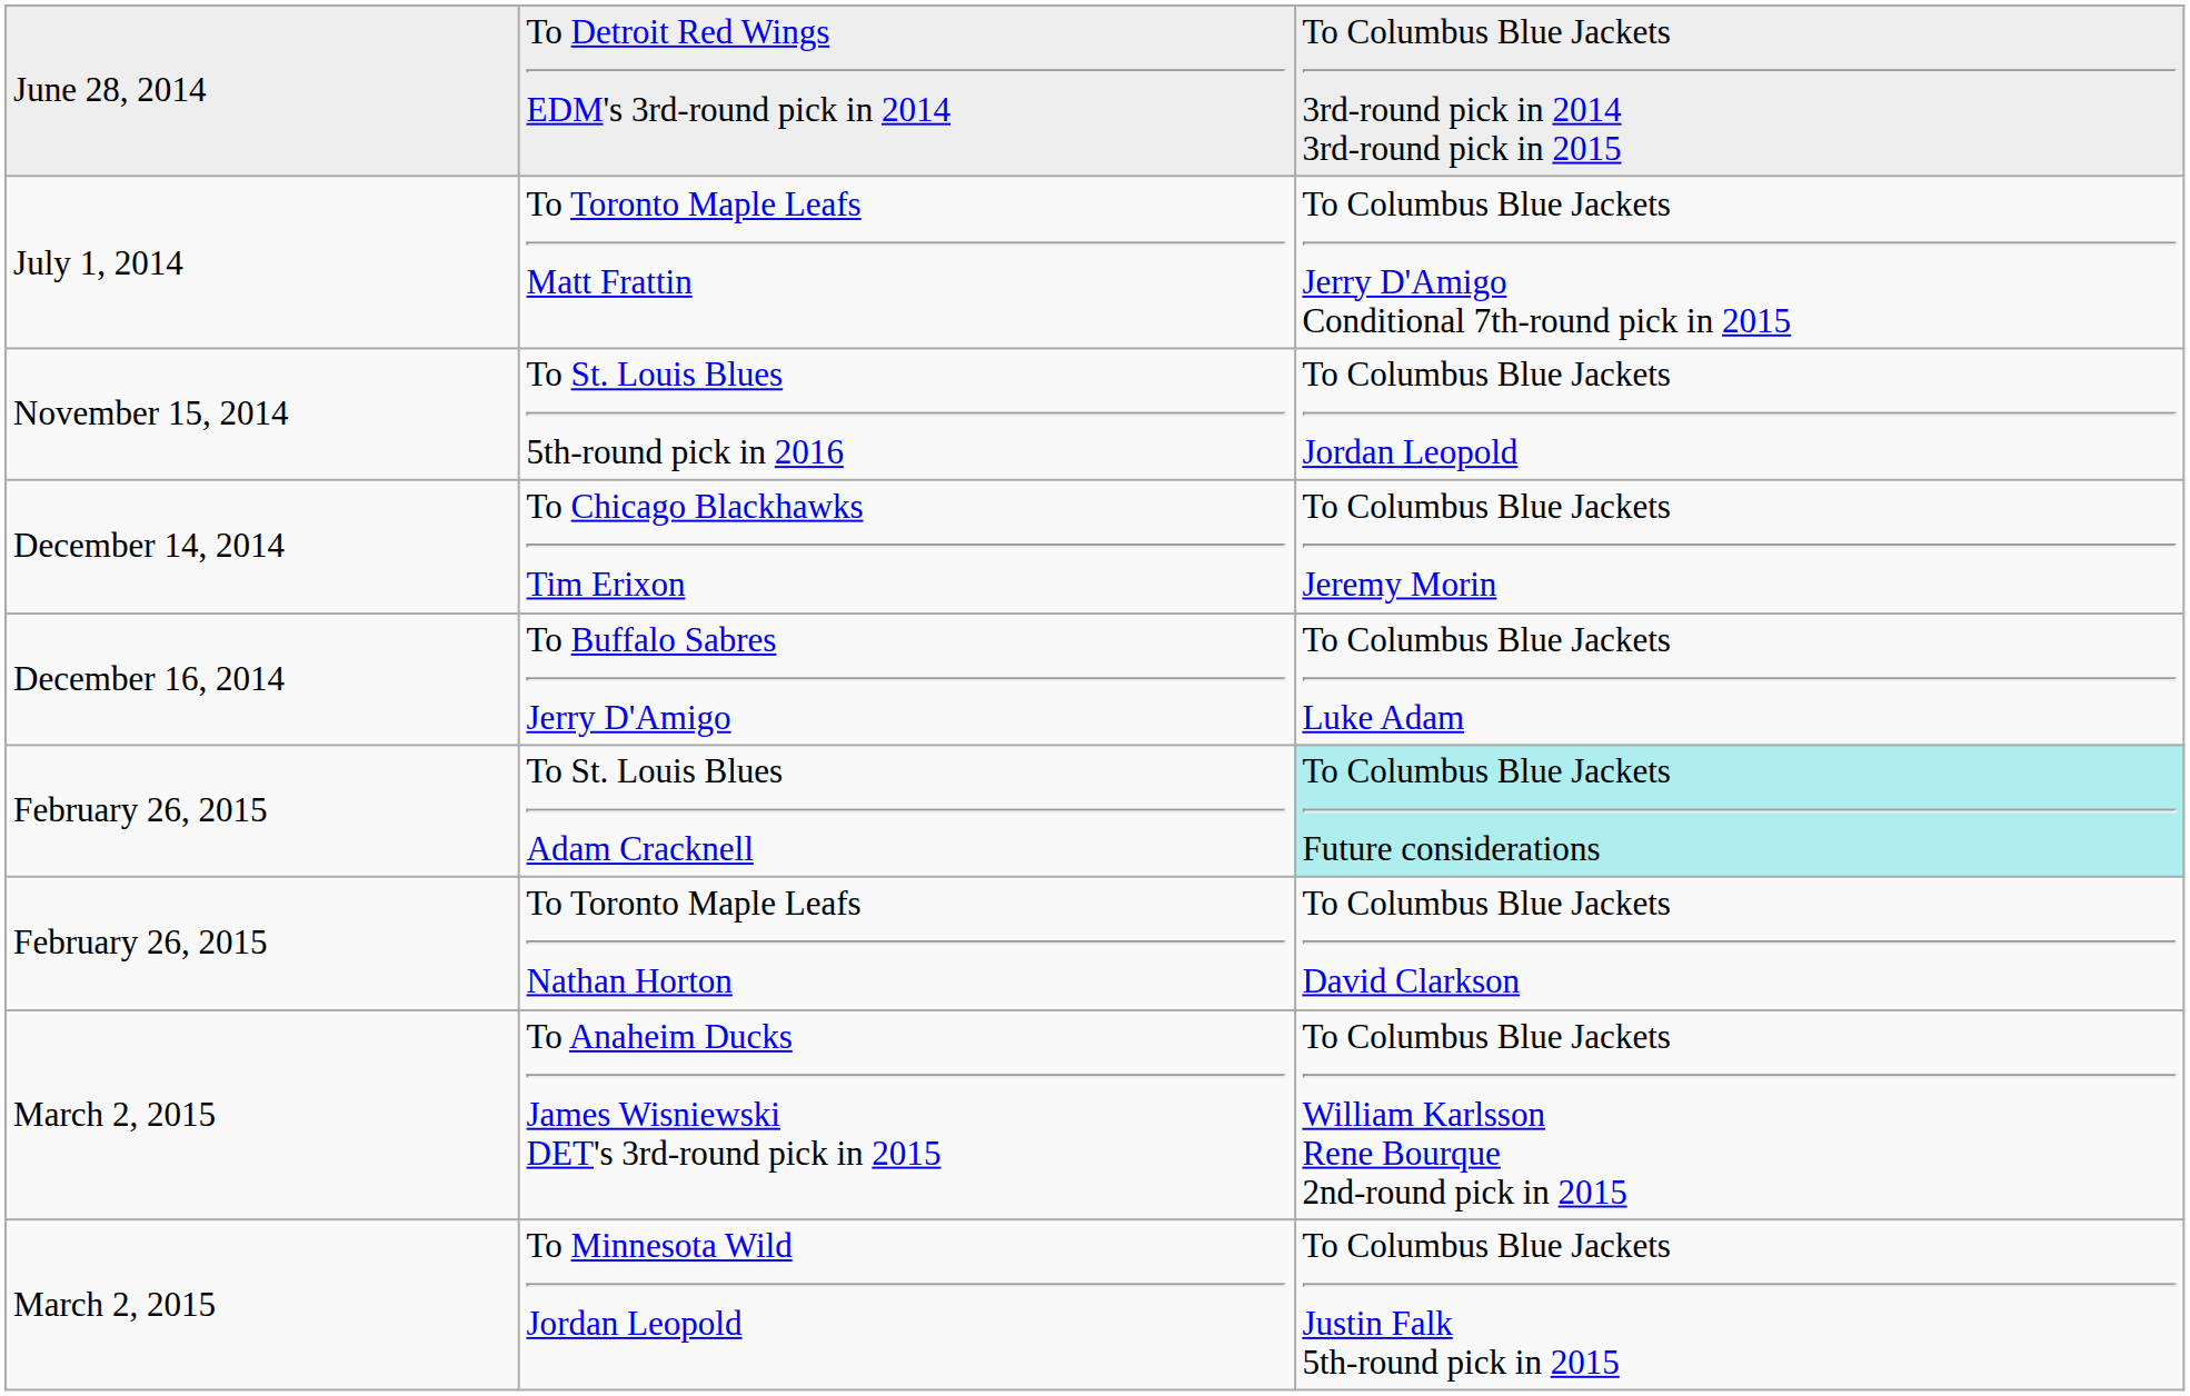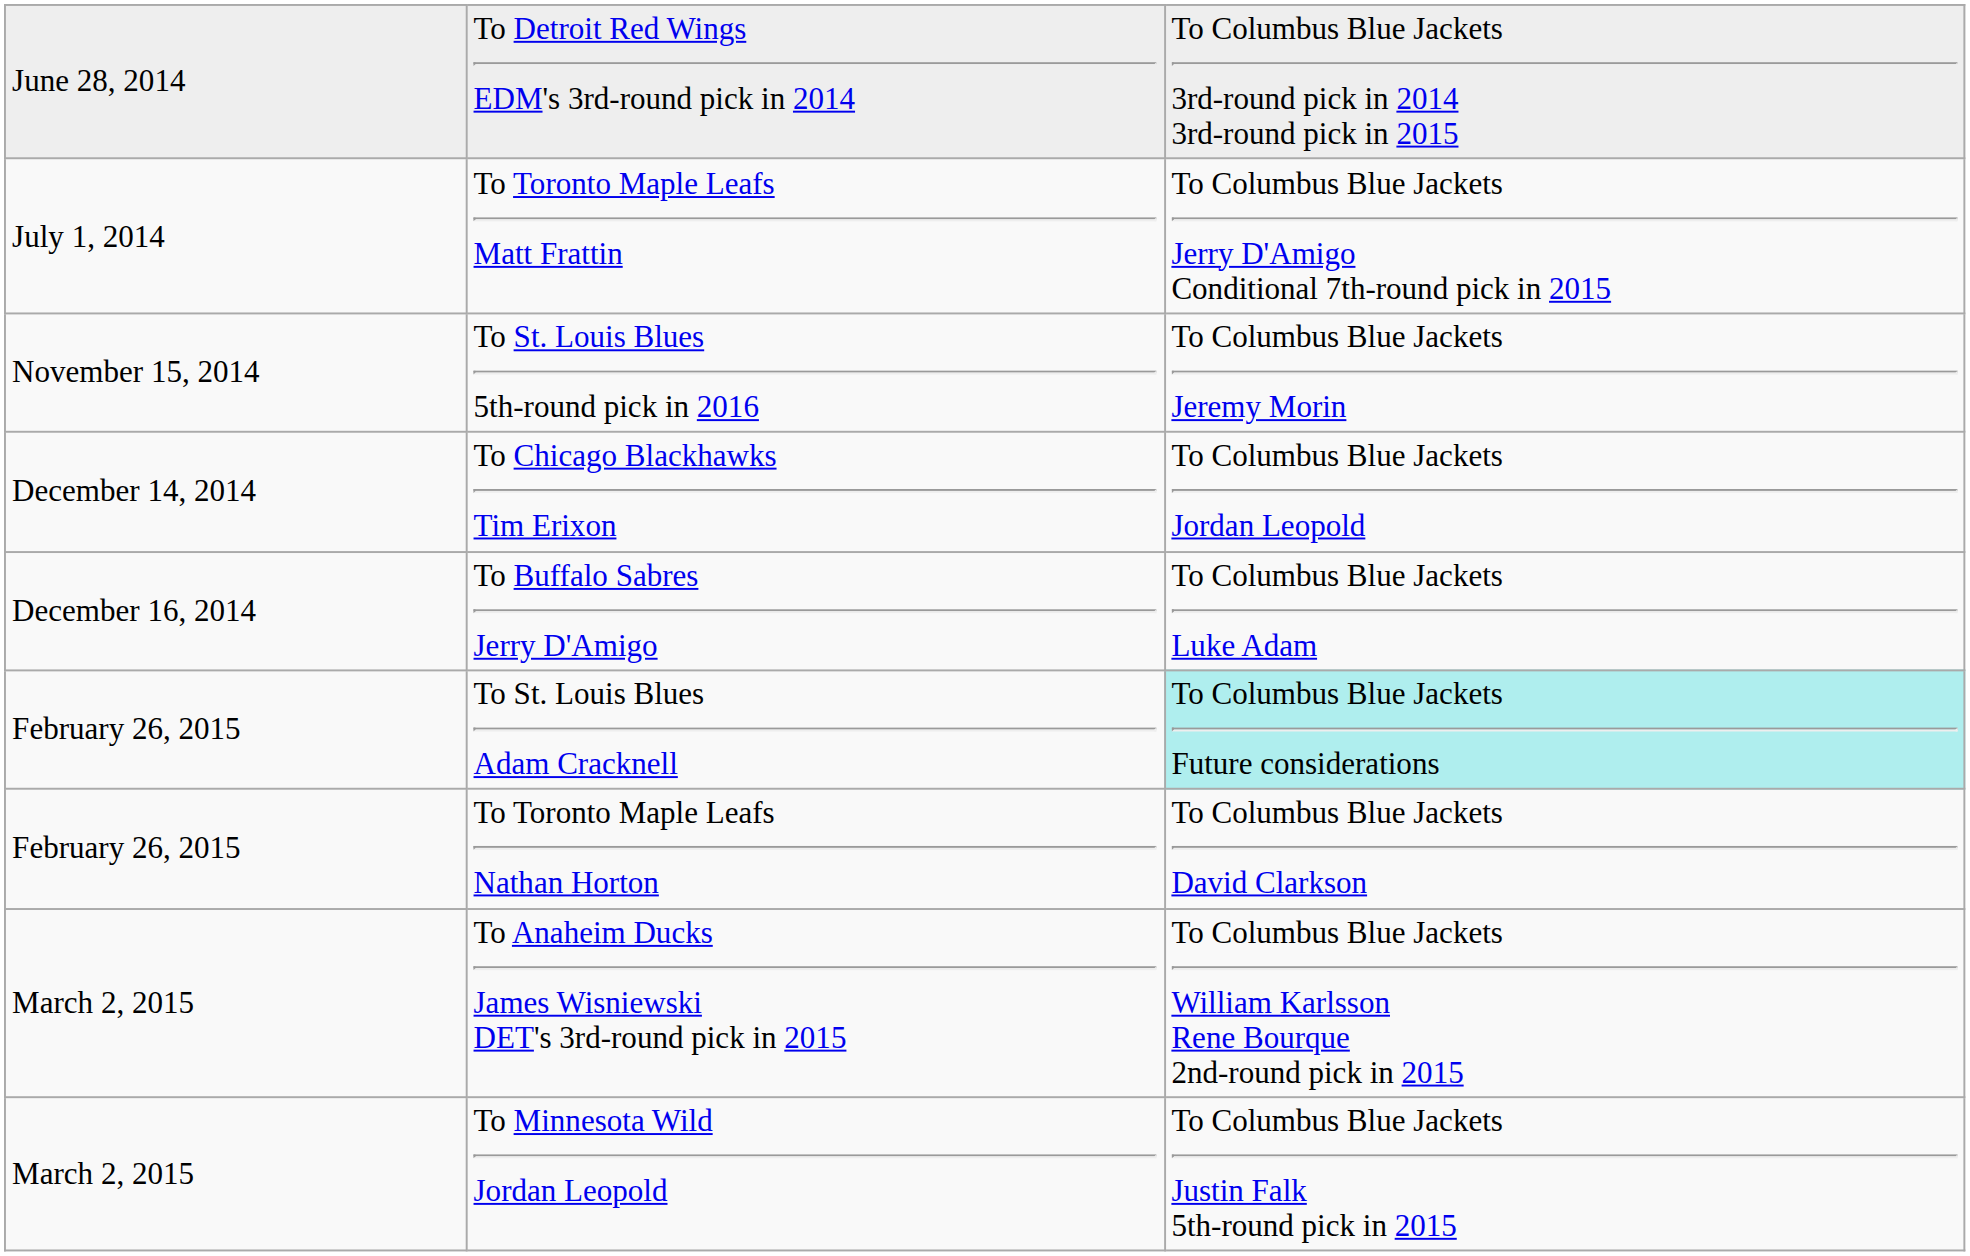 <table class="wikitable" style="border:1px solid #999999; width:80%;">
 <tr bgcolor="#eeeeee">
 <td>June 28, 2014</td>
 <td valign="top">To <a href='#'>Detroit Red Wings</a> <hr><a href='#'>EDM</a>'s 3rd-round pick in <a href='#'>2014</a></td>
 <td valign="top">To Columbus Blue Jackets <hr>3rd-round pick in <a href='#'>2014</a><br>3rd-round pick in <a href='#'>2015</a></td>
 </tr>
 <tr>
 <td>July 1, 2014</td>
 <td valign="top">To <a href='#'>Toronto Maple Leafs</a> <hr><a href='#'>Matt Frattin</a></td>
 <td valign="top">To Columbus Blue Jackets <hr><a href='#'>Jerry D'Amigo</a><br>Conditional 7th-round pick in <a href='#'>2015</a></td>
 </tr>
 <tr>
 <td>November 15, 2014</td>
 <td valign="top">To <a href='#'>St. Louis Blues</a> <hr>5th-round pick in <a href='#'>2016</a></td>
-<td valign="top">To Columbus Blue Jackets <hr><a href='#'>Jordan Leopold</a></td>
+<td valign="top">To Columbus Blue Jackets <hr><a href='#'>Jeremy Morin</a></td>
 </tr>
 <tr>
 <td>December 14, 2014</td>
 <td valign="top">To <a href='#'>Chicago Blackhawks</a> <hr><a href='#'>Tim Erixon</a></td>
-<td valign="top">To Columbus Blue Jackets <hr><a href='#'>Jeremy Morin</a></td>
+<td valign="top">To Columbus Blue Jackets <hr><a href='#'>Jordan Leopold</a></td>
 </tr>
 <tr>
 <td>December 16, 2014</td>
 <td valign="top">To <a href='#'>Buffalo Sabres</a> <hr><a href='#'>Jerry D'Amigo</a></td>
 <td valign="top">To Columbus Blue Jackets <hr><a href='#'>Luke Adam</a></td>
 </tr>
 <tr>
 <td>February 26, 2015</td>
 <td valign="top">To St. Louis Blues <hr><a href='#'>Adam Cracknell</a></td>
 <td valign="top" style="background: paleturquoise;">To Columbus Blue Jackets <hr>Future considerations</td>
 </tr>
 <tr>
 <td>February 26, 2015</td>
 <td valign="top">To Toronto Maple Leafs <hr><a href='#'>Nathan Horton</a></td>
 <td valign="top">To Columbus Blue Jackets <hr><a href='#'>David Clarkson</a></td>
 </tr>
 <tr>
 <td>March 2, 2015</td>
 <td valign="top">To <a href='#'>Anaheim Ducks</a> <hr><a href='#'>James Wisniewski</a><br><a href='#'>DET</a>'s 3rd-round pick in <a href='#'>2015</a></td>
 <td valign="top">To Columbus Blue Jackets <hr><a href='#'>William Karlsson</a><br><a href='#'>Rene Bourque</a><br>2nd-round pick in <a href='#'>2015</a></td>
 </tr>
 <tr>
 <td>March 2, 2015</td>
 <td valign="top">To <a href='#'>Minnesota Wild</a> <hr><a href='#'>Jordan Leopold</a></td>
 <td valign="top">To Columbus Blue Jackets <hr><a href='#'>Justin Falk</a><br>5th-round pick in <a href='#'>2015</a></td>
 </tr>
 </table>
